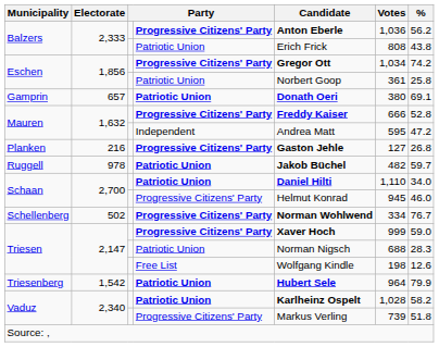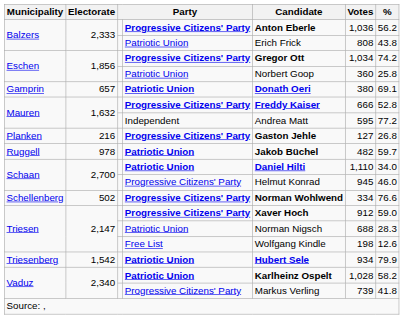 <table class="wikitable" style="text-align:right">
 <tr>
 <th>Municipality</th>
 <th>Electorate</th>
 <th colspan="2">Party</th>
 <th>Candidate</th>
 <th>Votes</th>
 <th>%</th>
 </tr>
 <tr>
 <td rowspan="2" align=left><a href='#'>Balzers</a></td>
 <td rowspan="2">2,333</td>
 <td width="1"></td>
 <td align="left"><strong><a href='#'>Progressive Citizens' Party</a></strong></td>
 <td align=left><strong>Anton Eberle</strong></td>
 <td>1,036</td>
 <td>56.2</td>
 </tr>
 <tr>
 <td style="color:inherit;background:"></td>
 <td align=left><a href='#'>Patriotic Union</a></td>
 <td align=left>Erich Frick</td>
 <td>808</td>
 <td>43.8</td>
 </tr>
 <tr>
 <td align=left rowspan="2"><a href='#'>Eschen</a></td>
 <td rowspan="2">1,856</td>
 <td style="color:inherit;background:"></td>
 <td align=left><strong><a href='#'>Progressive Citizens' Party</a></strong></td>
 <td align=left><strong>Gregor Ott</strong></td>
 <td>1,034</td>
 <td>74.2</td>
 </tr>
 <tr>
 <td style="color:inherit;background:"></td>
 <td align=left><a href='#'>Patriotic Union</a></td>
 <td align=left>Norbert Goop</td>
-<td>361</td>
+<td>360</td>
 <td>25.8</td>
 </tr>
 <tr>
 <td align=left><a href='#'>Gamprin</a></td>
 <td>657</td>
 <td style="color:inherit;background:"></td>
 <td align=left><a href='#'><strong>Patriotic Union</strong></a></td>
 <td align=left><strong><a href='#'>Donath Oeri</a></strong></td>
 <td>380</td>
 <td>69.1</td>
 </tr>
 <tr>
 <td rowspan="2" align=left><a href='#'>Mauren</a></td>
 <td rowspan="2">1,632</td>
 <td style="color:inherit;background:"></td>
 <td align=left><strong><a href='#'>Progressive Citizens' Party</a></strong></td>
 <td align=left><strong><a href='#'>Freddy Kaiser</a></strong></td>
 <td>666</td>
 <td>52.8</td>
 </tr>
 <tr>
 <td style="color:inherit;background:"></td>
 <td align=left>Independent</td>
 <td align=left>Andrea Matt</td>
 <td>595</td>
-<td>47.2</td>
+<td>77.2</td>
 </tr>
 <tr>
 <td align=left><a href='#'>Planken</a></td>
 <td>216</td>
 <td style="color:inherit;background:"></td>
 <td align=left><strong><a href='#'>Progressive Citizens' Party</a></strong></td>
 <td align=left><strong>Gaston Jehle</strong></td>
 <td>127</td>
 <td>26.8</td>
 </tr>
 <tr>
 <td align=left><a href='#'>Ruggell</a></td>
 <td>978</td>
 <td style="color:inherit;background:"></td>
 <td align=left><a href='#'><strong>Patriotic Union</strong></a></td>
 <td align=left><strong>Jakob Büchel</strong></td>
 <td>482</td>
 <td>59.7</td>
 </tr>
 <tr>
 <td rowspan="2" align=left><a href='#'>Schaan</a></td>
 <td rowspan="2">2,700</td>
 <td style="color:inherit;background:"></td>
 <td align=left><a href='#'><strong>Patriotic Union</strong></a></td>
 <td align=left><strong><a href='#'>Daniel Hilti</a></strong></td>
 <td>1,110</td>
 <td>34.0</td>
 </tr>
 <tr>
 <td style="color:inherit;background:"></td>
 <td align=left><a href='#'>Progressive Citizens' Party</a></td>
 <td align=left>Helmut Konrad</td>
 <td>945</td>
 <td>46.0</td>
 </tr>
 <tr>
 <td align=left><a href='#'>Schellenberg</a></td>
 <td>502</td>
 <td style="color:inherit;background:"></td>
 <td align=left><strong><a href='#'>Progressive Citizens' Party</a></strong></td>
 <td align=left><strong>Norman Wohlwend</strong></td>
 <td>334</td>
-<td>76.7</td>
+<td>76.6</td>
 </tr>
 <tr>
 <td rowspan="3" align=left><a href='#'>Triesen</a></td>
 <td rowspan="3">2,147</td>
 <td style="color:inherit;background:"></td>
 <td align=left><strong><a href='#'>Progressive Citizens' Party</a></strong></td>
 <td align=left><strong>Xaver Hoch</strong></td>
-<td>999</td>
+<td>912</td>
 <td>59.0</td>
 </tr>
 <tr>
 <td style="color:inherit;background:"></td>
 <td align=left><a href='#'>Patriotic Union</a></td>
 <td align=left>Norman Nigsch</td>
 <td>688</td>
 <td>28.3</td>
 </tr>
 <tr>
 <td style="color:inherit;background:"></td>
 <td align=left><a href='#'>Free List</a></td>
 <td align=left>Wolfgang Kindle</td>
 <td>198</td>
 <td>12.6</td>
 </tr>
 <tr>
 <td align=left><a href='#'>Triesenberg</a></td>
 <td>1,542</td>
 <td style="color:inherit;background:"></td>
 <td align=left><a href='#'><strong>Patriotic Union</strong></a></td>
 <td align=left><strong><a href='#'>Hubert Sele</a></strong></td>
-<td>964</td>
+<td>934</td>
 <td>79.9</td>
 </tr>
 <tr>
 <td rowspan="2" align=left><a href='#'>Vaduz</a></td>
 <td rowspan="2">2,340</td>
 <td style="color:inherit;background:"></td>
 <td align=left><a href='#'><strong>Patriotic Union</strong></a></td>
 <td align=left><strong>Karlheinz Ospelt</strong></td>
 <td>1,028</td>
 <td>58.2</td>
 </tr>
 <tr>
 <td style="color:inherit;background:"></td>
 <td align=left><a href='#'>Progressive Citizens' Party</a></td>
 <td align=left>Markus Verling</td>
 <td>739</td>
-<td>51.8</td>
+<td>41.8</td>
 </tr>
 <tr>
 <td colspan="7" align=left>Source: , </td>
 </tr>
 </table>
